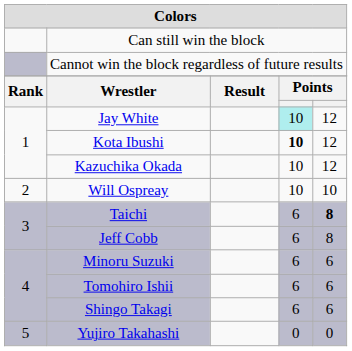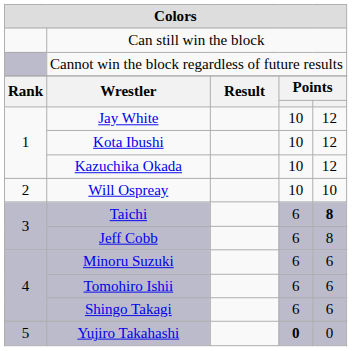 <table class="wikitable mw-collapsible mw-collapsed" plainrowheaders sortable" style="text-align: center">
 <tr>
 <th style="background: #DDDDDD;" colspan="5">Colors</th>
 </tr>
 <tr>
 <td></td>
 <td colspan="4">Can still win the block</td>
 </tr>
 <tr>
 <td style="background: #BBBBCC;"><br></td>
 <td colspan="4">Cannot win the block regardless of future results</td>
 </tr>
 <tr>
 </tr>
 <tr>
 <th scope="col" rowspan="2">Rank</th>
 <th scope="col" rowspan="2">Wrestler</th>
 <th scope="col" rowspan="2">Result</th>
 <th scope="col" colspan="2">Points</th>
 </tr>
 <tr>
 <th></th>
 <th></th>
 </tr>
 <tr>
 <td rowspan=3>1</td>
 <td><a href='#'>Jay White</a></td>
 <td></td>
-<td style="background: paleturquoise;">10</td>
+<td>10</td>
 <td>12</td>
 </tr>
 <tr>
 <td><a href='#'>Kota Ibushi</a></td>
 <td></td>
-<td><strong>10</strong></td>
+<td>10</td>
 <td>12</td>
 </tr>
 <tr>
 <td><a href='#'>Kazuchika Okada</a></td>
 <td></td>
 <td>10</td>
 <td>12</td>
 </tr>
 <tr>
 <td>2</td>
 <td><a href='#'>Will Ospreay</a></td>
 <td></td>
 <td>10</td>
 <td>10</td>
 </tr>
 <tr>
 <td rowspan="2" style="background: #BBBBCC;">3</td>
 <td style="background: #BBBBCC;"><a href='#'>Taichi</a></td>
 <td></td>
 <td style="background: #BBBBCC;">6</td>
 <td style="background: #BBBBCC;"><strong>8</strong></td>
 </tr>
 <tr>
 <td style="background: #BBBBCC;"><a href='#'>Jeff Cobb</a></td>
 <td></td>
 <td style="background: #BBBBCC;">6</td>
 <td style="background: #BBBBCC;">8</td>
 </tr>
 <tr>
 <td rowspan="3" style="background: #BBBBCC;">4</td>
 <td style="background: #BBBBCC;"><a href='#'>Minoru Suzuki</a></td>
 <td></td>
 <td style="background: #BBBBCC;">6</td>
 <td style="background: #BBBBCC;">6</td>
 </tr>
 <tr>
 <td style="background: #BBBBCC;"><a href='#'>Tomohiro Ishii</a></td>
 <td></td>
 <td style="background: #BBBBCC;">6</td>
 <td style="background: #BBBBCC;">6</td>
 </tr>
 <tr>
 <td style="background: #BBBBCC;"><a href='#'>Shingo Takagi</a></td>
 <td></td>
 <td style="background: #BBBBCC;">6</td>
 <td style="background: #BBBBCC;">6</td>
 </tr>
 <tr>
 <td style="background: #BBBBCC;">5</td>
 <td style="background: #BBBBCC;"><a href='#'>Yujiro Takahashi</a></td>
 <td></td>
-<td style="background: #BBBBCC;">0</td>
+<td style="background: #BBBBCC;"><strong>0</strong></td>
 <td style="background: #BBBBCC;">0</td>
 </tr>
 </table>
